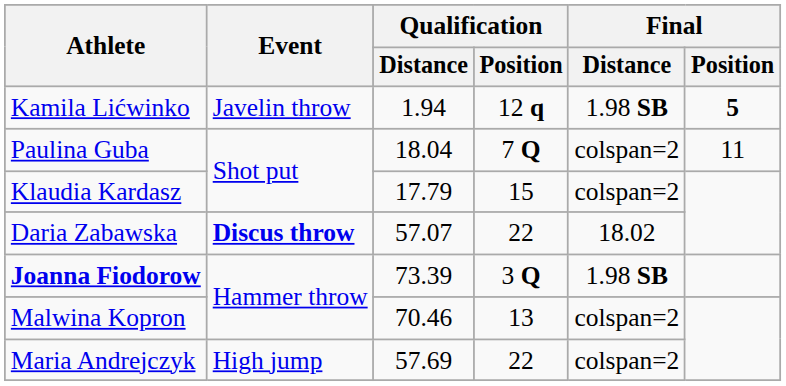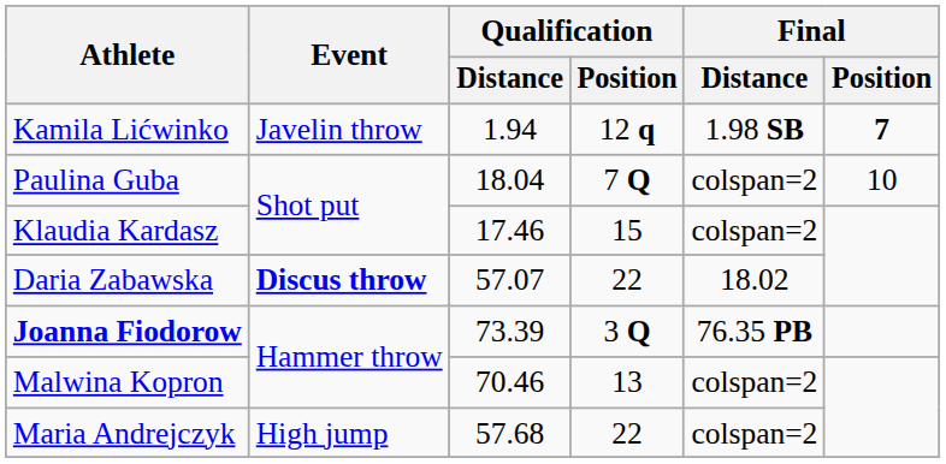 <table class=wikitable style="font-size:90%">
 <tr>
 <th rowspan="2">Athlete</th>
 <th rowspan="2">Event</th>
 <th colspan="2">Qualification</th>
 <th colspan="2">Final</th>
 </tr>
 <tr style="font-size:95%">
 <th>Distance</th>
 <th>Position</th>
 <th>Distance</th>
 <th>Position</th>
 </tr>
 <tr style=text-align:center>
 <td style=text-align:left><a href='#'>Kamila Lićwinko</a></td>
 <td style=text-align:left><a href='#'>Javelin throw</a></td>
 <td>1.94</td>
 <td>12 <strong>q</strong></td>
 <td>1.98 <strong>SB</strong></td>
-<td><strong>5</strong></td>
+<td><strong>7</strong></td>
 </tr>
 <tr style=text-align:center>
 <td style=text-align:left><a href='#'>Paulina Guba</a></td>
 <td style=text-align:left rowspan=2><a href='#'>Shot put</a></td>
 <td>18.04</td>
 <td>7 <strong>Q</strong></td>
 <td>colspan=2 </td>
-<td>11</td>
+<td>10</td>
 </tr>
 <tr style=text-align:center>
 <td style=text-align:left><a href='#'>Klaudia Kardasz</a></td>
-<td>17.79</td>
+<td>17.46</td>
 <td>15</td>
 <td>colspan=2 </td>
 </tr>
 <tr style=text-align:center>
 <td style=text-align:left><a href='#'>Daria Zabawska</a></td>
 <td style=text-align:left><strong><a href='#'>Discus throw</a></strong></td>
 <td>57.07</td>
 <td>22</td>
 <td>18.02</td>
 </tr>
 <tr style=text-align:center>
 <td style=text-align:left><strong><a href='#'>Joanna Fiodorow</a></strong></td>
 <td style=text-align:left rowspan=2><a href='#'>Hammer throw</a></td>
 <td>73.39</td>
 <td>3 <strong>Q</strong></td>
-<td>1.98 <strong>SB</strong></td>
+<td>76.35 <strong>PB</strong></td>
 <td></td>
 </tr>
 <tr style=text-align:center>
 <td style=text-align:left><a href='#'>Malwina Kopron</a></td>
 <td>70.46</td>
 <td>13</td>
 <td>colspan=2 </td>
 </tr>
 <tr style=text-align:center>
 <td style=text-align:left><a href='#'>Maria Andrejczyk</a></td>
 <td style=text-align:left><a href='#'>High jump</a></td>
-<td>57.69</td>
+<td>57.68</td>
 <td>22</td>
 <td>colspan=2 </td>
 </tr>
 </table>
